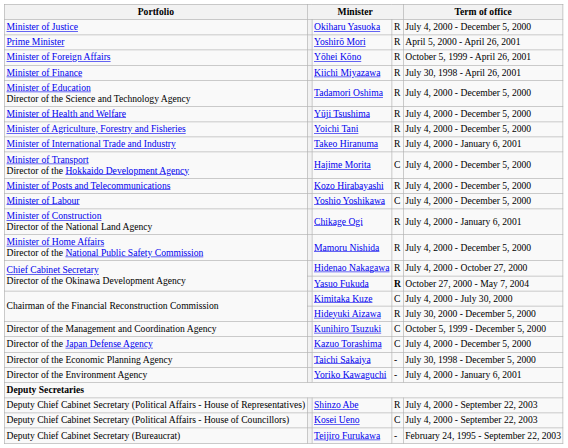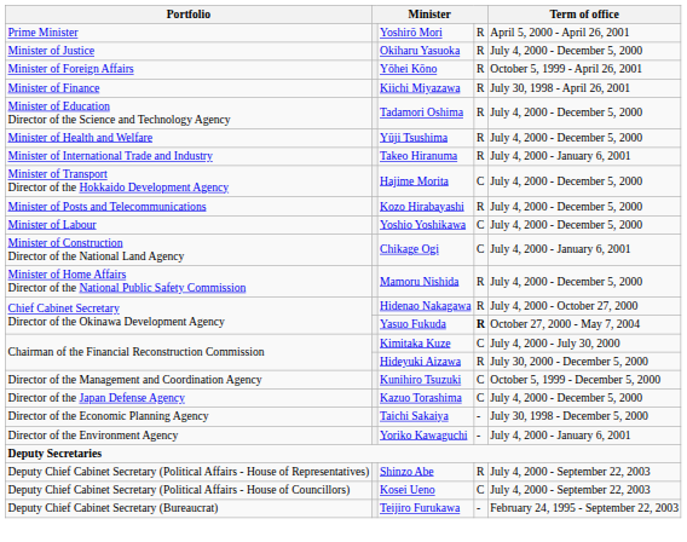 <table class="wikitable">
 <tr>
 <th>Portfolio</th>
 <th colspan=3>Minister</th>
 <th>Term of office</th>
 </tr>
 <tr>
+<td><a href='#'>Prime Minister</a></td>
+<th style="color:inherit;background-color: "></th>
+<td><a href='#'>Yoshirō Mori</a></td>
+<td>R</td>
+<td>April 5, 2000 - April 26, 2001</td>
+</tr>
+<tr>
 <td><a href='#'>Minister of Justice</a></td>
 <th style="color:inherit;background-color: "></th>
 <td><a href='#'>Okiharu Yasuoka</a></td>
 <td>R</td>
 <td>July 4, 2000 - December 5, 2000</td>
-</tr>
-<tr>
-<td><a href='#'>Prime Minister</a></td>
-<th style="color:inherit;background-color: "></th>
-<td><a href='#'>Yoshirō Mori</a></td>
-<td>R</td>
-<td>April 5, 2000 - April 26, 2001</td>
 </tr>
 <tr>
 <td><a href='#'>Minister of Foreign Affairs</a></td>
 <th style="color:inherit;background-color: "></th>
 <td><a href='#'>Yōhei Kōno</a></td>
 <td>R</td>
 <td>October 5, 1999 - April 26, 2001</td>
 </tr>
 <tr>
 <td><a href='#'>Minister of Finance</a></td>
 <th style="color:inherit;background-color: "></th>
 <td><a href='#'>Kiichi Miyazawa</a></td>
 <td>R</td>
 <td>July 30, 1998 - April 26, 2001</td>
 </tr>
 <tr>
 <td><a href='#'>Minister of Education</a> <br>Director of the Science and Technology Agency</td>
 <th style="color:inherit;background-color: "></th>
 <td><a href='#'>Tadamori Oshima</a></td>
 <td>R</td>
 <td>July 4, 2000 - December 5, 2000</td>
 </tr>
 <tr>
 <td><a href='#'>Minister of Health and Welfare</a></td>
 <th style="color:inherit;background-color: "></th>
 <td><a href='#'>Yūji Tsushima</a></td>
-<td>R</td>
-<td>July 4, 2000 - December 5, 2000</td>
-</tr>
-<tr>
-<td><a href='#'>Minister of Agriculture, Forestry and Fisheries</a></td>
-<th style="color:inherit;background-color: "></th>
-<td><a href='#'>Yoichi Tani</a></td>
 <td>R</td>
 <td>July 4, 2000 - December 5, 2000</td>
 </tr>
 <tr>
 <td><a href='#'>Minister of International Trade and Industry</a></td>
 <th style="color:inherit;background-color: "></th>
 <td><a href='#'>Takeo Hiranuma</a></td>
 <td>R</td>
 <td>July 4, 2000 - January 6, 2001</td>
 </tr>
 <tr>
 <td><a href='#'>Minister of Transport</a> <br>Director of the <a href='#'>Hokkaido Development Agency</a></td>
 <th style="color:inherit;background-color: "></th>
 <td><a href='#'>Hajime Morita</a></td>
 <td>C</td>
 <td>July 4, 2000 - December 5, 2000</td>
 </tr>
 <tr>
 <td><a href='#'>Minister of Posts and Telecommunications</a></td>
 <th style="color:inherit;background-color: "></th>
 <td><a href='#'>Kozo Hirabayashi</a></td>
 <td>R</td>
 <td>July 4, 2000 - December 5, 2000</td>
 </tr>
 <tr>
 <td><a href='#'>Minister of Labour</a></td>
 <th style="color:inherit;background-color: "></th>
 <td><a href='#'>Yoshio Yoshikawa</a></td>
 <td>C</td>
 <td>July 4, 2000 - December 5, 2000</td>
 </tr>
 <tr>
 <td><a href='#'>Minister of Construction</a> <br>Director of the National Land Agency</td>
 <th style="color:inherit;background-color: "></th>
 <td><a href='#'>Chikage Ogi</a></td>
-<td>R</td>
+<td>C</td>
 <td>July 4, 2000 - January 6, 2001</td>
 </tr>
 <tr>
 <td><a href='#'>Minister of Home Affairs</a> <br>Director of the <a href='#'>National Public Safety Commission</a></td>
 <th style="color:inherit;background-color: "></th>
 <td><a href='#'>Mamoru Nishida</a></td>
 <td>R</td>
 <td>July 4, 2000 - December 5, 2000</td>
 </tr>
 <tr>
 <td rowspan=2><a href='#'>Chief Cabinet Secretary</a> <br>Director of the Okinawa Development Agency</td>
 <th style="color:inherit;background-color: "></th>
 <td><a href='#'>Hidenao Nakagawa</a></td>
 <td>R</td>
 <td>July 4, 2000 - October 27, 2000</td>
 </tr>
 <tr>
 <th style="color:inherit;background-color: "></th>
 <td><a href='#'>Yasuo Fukuda</a></td>
 <td><strong>R</strong></td>
 <td>October 27, 2000 - May 7, 2004</td>
 </tr>
 <tr>
 <td rowspan=2>Chairman of the Financial Reconstruction Commission</td>
 <th style="color:inherit;background-color: "></th>
 <td><a href='#'>Kimitaka Kuze</a></td>
 <td>C</td>
 <td>July 4, 2000 - July 30, 2000</td>
 </tr>
 <tr>
 <th style="color:inherit;background-color: "></th>
 <td><a href='#'>Hideyuki Aizawa</a></td>
 <td>R</td>
 <td>July 30, 2000 - December 5, 2000</td>
 </tr>
 <tr>
 <td>Director of the Management and Coordination Agency</td>
 <th style="color:inherit;background-color: "></th>
 <td><a href='#'>Kunihiro Tsuzuki</a></td>
 <td>C</td>
 <td>October 5, 1999 - December 5, 2000</td>
 </tr>
 <tr>
 <td>Director of the <a href='#'>Japan Defense Agency</a></td>
 <th style="color:inherit;background-color: "></th>
 <td><a href='#'>Kazuo Torashima</a></td>
 <td>C</td>
 <td>July 4, 2000 - December 5, 2000</td>
 </tr>
 <tr>
 <td>Director of the Economic Planning Agency</td>
 <th style="color:inherit;background-color: "></th>
 <td><a href='#'>Taichi Sakaiya</a></td>
 <td>-</td>
 <td>July 30, 1998 - December 5, 2000</td>
 </tr>
 <tr>
 <td>Director of the Environment Agency</td>
 <th style="color:inherit;background-color: "></th>
 <td><a href='#'>Yoriko Kawaguchi</a></td>
 <td>-</td>
 <td>July 4, 2000 - January 6, 2001</td>
 </tr>
 <tr>
 <td colspan=5><strong>Deputy Secretaries</strong></td>
 </tr>
 <tr>
 <td>Deputy Chief Cabinet Secretary (Political Affairs - House of Representatives)</td>
 <th style="color:inherit;background-color: "></th>
 <td><a href='#'>Shinzo Abe</a></td>
 <td>R</td>
 <td>July 4, 2000 - September 22, 2003</td>
 </tr>
 <tr>
 <td>Deputy Chief Cabinet Secretary (Political Affairs - House of Councillors)</td>
 <th style="color:inherit;background-color: "></th>
 <td><a href='#'>Kosei Ueno</a></td>
 <td>C</td>
 <td>July 4, 2000 - September 22, 2003</td>
 </tr>
 <tr>
 <td>Deputy Chief Cabinet Secretary (Bureaucrat)</td>
 <th style="color:inherit;background-color: "></th>
 <td><a href='#'>Teijiro Furukawa</a></td>
 <td>-</td>
 <td>February 24, 1995 - September 22, 2003</td>
 </tr>
 </table>
